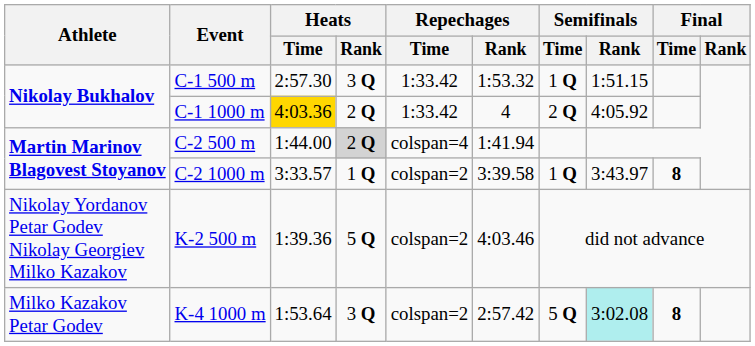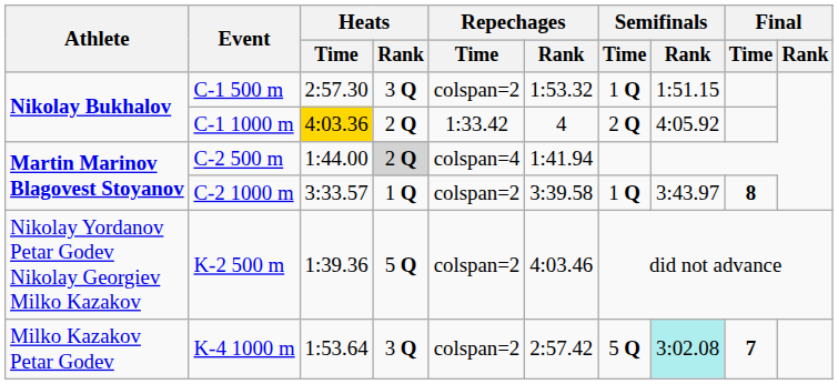 <table class="wikitable" style="font-size:90%; text-align:center;">
 <tr>
 <th rowspan=2>Athlete</th>
 <th rowspan=2>Event</th>
 <th colspan=2>Heats</th>
 <th colspan=2>Repechages</th>
 <th colspan=2>Semifinals</th>
 <th colspan=2>Final</th>
 </tr>
 <tr style="font-size:95%">
 <th>Time</th>
 <th>Rank</th>
 <th>Time</th>
 <th>Rank</th>
 <th>Time</th>
 <th>Rank</th>
 <th>Time</th>
 <th>Rank</th>
 </tr>
 <tr>
 <td align=left rowspan=2><strong><a href='#'>Nikolay Bukhalov</a></strong></td>
 <td align=left><a href='#'>C-1 500 m</a></td>
 <td>2:57.30</td>
 <td>3 <strong>Q</strong></td>
-<td>1:33.42</td>
+<td>colspan=2 </td>
 <td>1:53.32</td>
 <td>1 <strong>Q</strong></td>
 <td>1:51.15</td>
 <td></td>
 </tr>
 <tr>
 <td align=left><a href='#'>C-1 1000 m</a></td>
 <td style="background: gold;">4:03.36</td>
 <td>2 <strong>Q</strong></td>
 <td>1:33.42</td>
 <td>4</td>
 <td>2 <strong>Q</strong></td>
 <td>4:05.92</td>
 <td></td>
 </tr>
 <tr>
 <td align=left rowspan=2><strong><a href='#'>Martin Marinov</a><br> <a href='#'>Blagovest Stoyanov</a></strong></td>
 <td align=left><a href='#'>C-2 500 m</a></td>
 <td>1:44.00</td>
 <td style="background: lightgrey;">2 <strong>Q</strong></td>
 <td>colspan=4 </td>
 <td>1:41.94</td>
 <td></td>
 </tr>
 <tr>
 <td align=left><a href='#'>C-2 1000 m</a></td>
 <td>3:33.57</td>
 <td>1 <strong>Q</strong></td>
 <td>colspan=2 </td>
 <td>3:39.58</td>
 <td>1 <strong>Q</strong></td>
 <td>3:43.97</td>
 <td><strong>8</strong></td>
 </tr>
 <tr>
 <td align=left><a href='#'>Nikolay Yordanov</a><br> <a href='#'>Petar Godev</a><br><a href='#'>Nikolay Georgiev</a><br><a href='#'>Milko Kazakov</a></td>
 <td align=left><a href='#'>K-2 500 m</a></td>
 <td>1:39.36</td>
 <td>5 <strong>Q</strong></td>
 <td>colspan=2 </td>
 <td>4:03.46</td>
 <td colspan=4>did not advance</td>
 </tr>
 <tr>
 <td align=left><a href='#'>Milko Kazakov</a><br> <a href='#'>Petar Godev</a></td>
 <td align=left><a href='#'>K-4 1000 m</a></td>
 <td>1:53.64</td>
 <td>3 <strong>Q</strong></td>
 <td>colspan=2 </td>
 <td>2:57.42</td>
 <td>5 <strong>Q</strong></td>
 <td style="background: paleturquoise;">3:02.08</td>
-<td><strong>8</strong></td>
+<td><strong>7</strong></td>
 </tr>
 </table>
